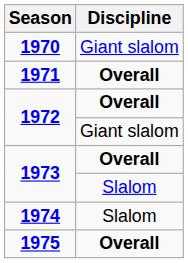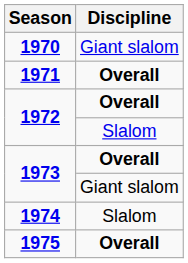 <table class=wikitable style="text-align:center">
 <tr>
 <th>Season</th>
 <th>Discipline</th>
 </tr>
 <tr>
 <td rowspan=1><strong><a href='#'>1970</a></strong></td>
 <td><a href='#'>Giant slalom</a></td>
 </tr>
 <tr>
 <td><strong><a href='#'>1971</a></strong></td>
 <td><strong>Overall</strong></td>
 </tr>
 <tr>
 <td rowspan=2><strong><a href='#'>1972</a></strong></td>
 <td><strong>Overall</strong></td>
 </tr>
 <tr>
-<td>Giant slalom</td>
+<td align=center><a href='#'>Slalom</a></td>
 </tr>
 <tr>
 <td rowspan=2><strong><a href='#'>1973</a></strong></td>
 <td><strong>Overall</strong></td>
 </tr>
 <tr>
-<td align=center><a href='#'>Slalom</a></td>
+<td>Giant slalom</td>
 </tr>
 <tr>
 <td><strong><a href='#'>1974</a></strong></td>
 <td>Slalom</td>
 </tr>
 <tr>
 <td><strong><a href='#'>1975</a></strong></td>
 <td><strong>Overall</strong></td>
 </tr>
 </table>
